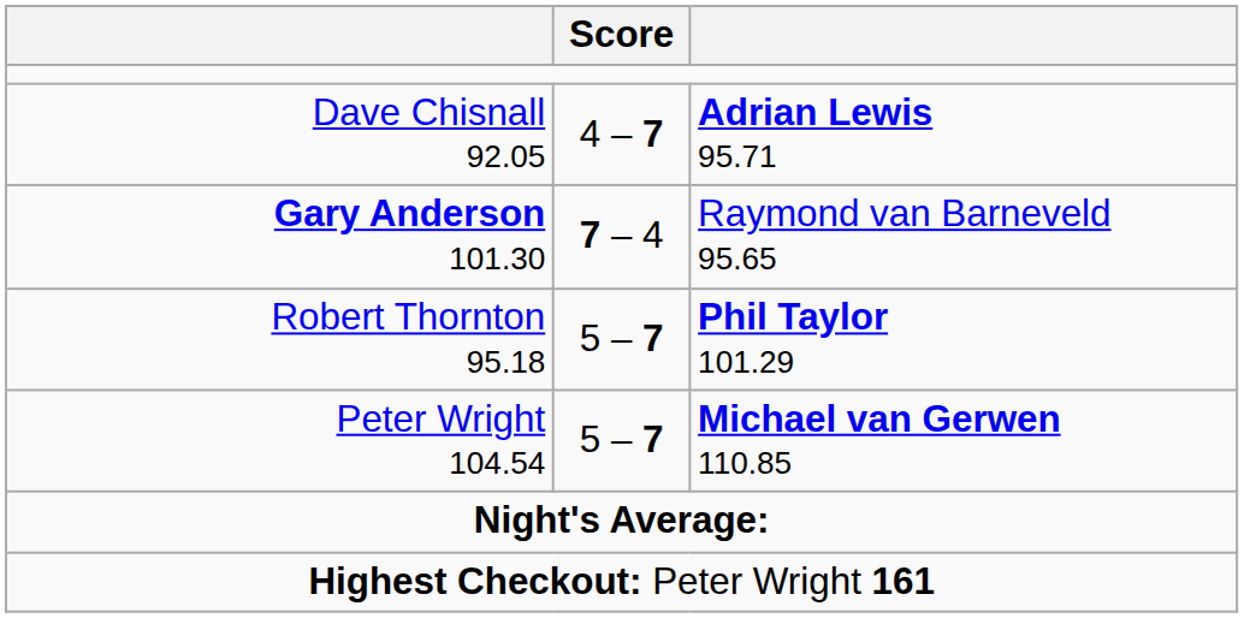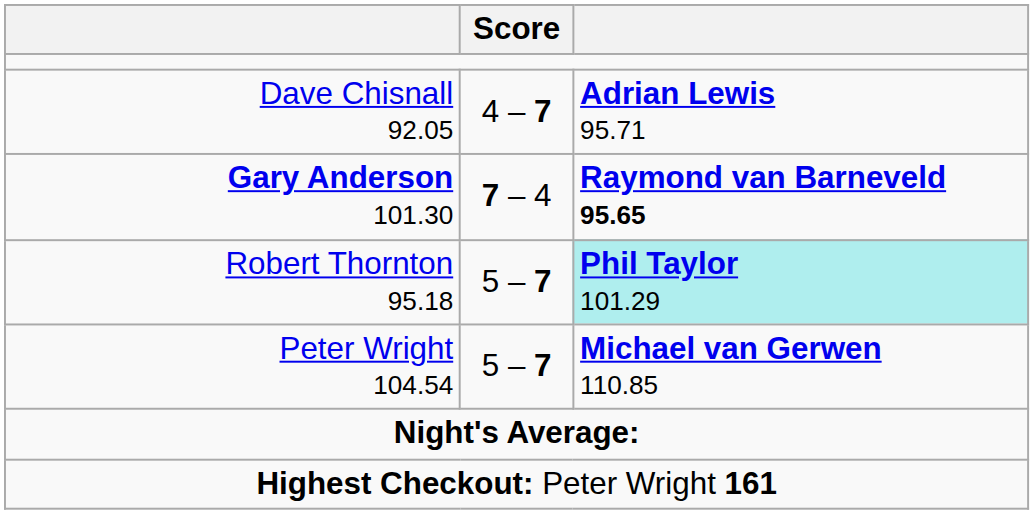 <table class=wikitable style="text-align:center">
 <tr>
 <th width=225></th>
 <th width=50>Score</th>
 <th width=225></th>
 </tr>
 <tr align=centre>
 <td colspan="3"></td>
 </tr>
 <tr align=left>
 <td align=right><a href='#'>Dave Chisnall</a> <br><small><span>92.05</span></small></td>
 <td align=center>4 – <strong>7</strong></td>
 <td> <strong><a href='#'>Adrian Lewis</a></strong><br><small><span>95.71</span></small></td>
 </tr>
 <tr align=left>
 <td align=right><strong><a href='#'>Gary Anderson</a></strong> <br><small><span>101.30</span></small></td>
 <td align=center><strong>7</strong> – 4</td>
-<td> <a href='#'>Raymond van Barneveld</a><br><small><span>95.65</span></small></td>
+<td><strong> <a href='#'>Raymond van Barneveld</a><br><small><span>95.65</span></small></strong></td>
 </tr>
 <tr align=left>
 <td align=right><a href='#'>Robert Thornton</a> <br><small><span>95.18</span></small></td>
 <td align=center>5 – <strong>7</strong></td>
-<td> <strong><a href='#'>Phil Taylor</a></strong><br><small><span>101.29</span></small></td>
+<td style="background: paleturquoise;"> <strong><a href='#'>Phil Taylor</a></strong><br><small><span>101.29</span></small></td>
 </tr>
 <tr align=left>
 <td align=right><a href='#'>Peter Wright</a> <br><small><span>104.54</span></small></td>
 <td align=center>5 – <strong>7</strong></td>
 <td> <strong><a href='#'>Michael van Gerwen</a></strong><br><small><span>110.85</span></small></td>
 </tr>
 <tr align=center>
 <td colspan="3"><strong>Night's Average:</strong> </td>
 </tr>
 <tr align=center>
 <td colspan="3"><strong>Highest Checkout:</strong> Peter Wright <strong>161</strong></td>
 </tr>
 </table>
